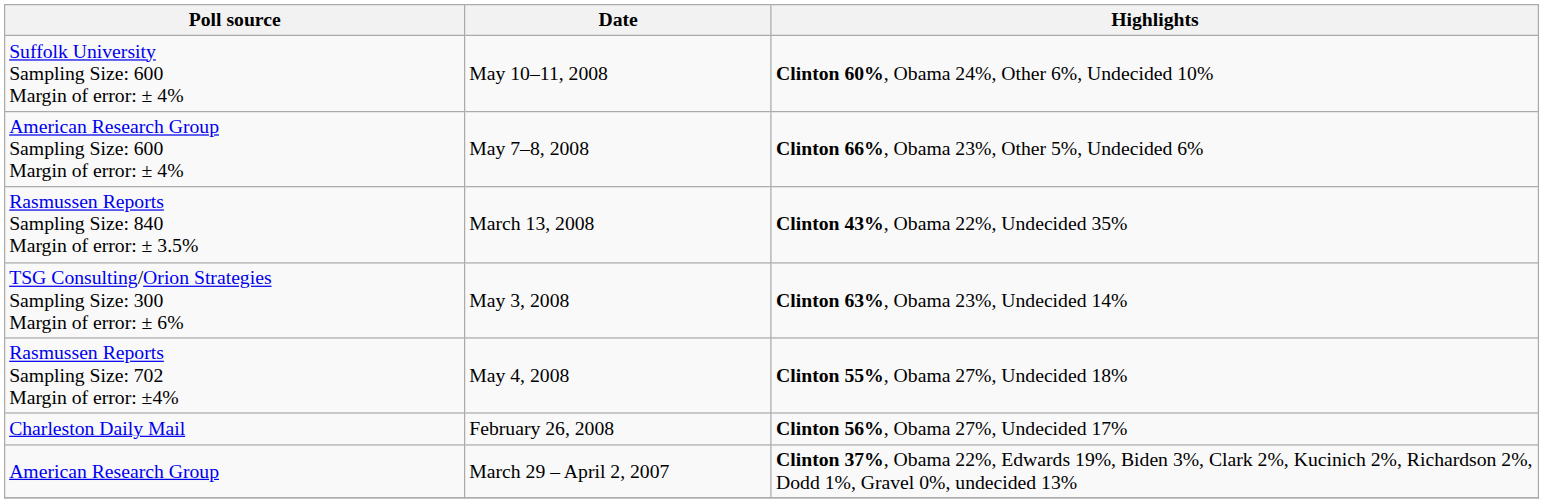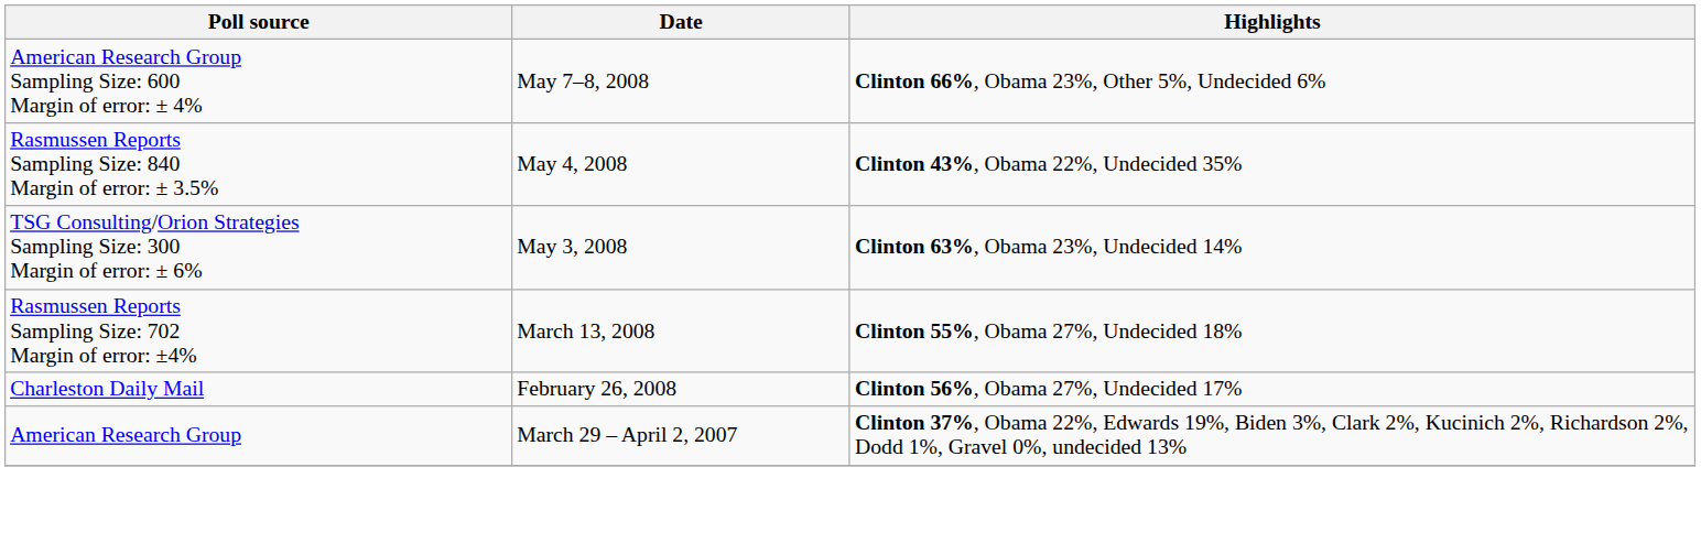 <table class="wikitable sortable">
 <tr>
 <th width="30%">Poll source</th>
 <th width="20%">Date</th>
 <th width="50%">Highlights</th>
-</tr>
-<tr>
-<td><a href='#'>Suffolk University</a><br>Sampling Size: 600<br> Margin of error: ± 4%</td>
-<td>May 10–11, 2008</td>
-<td><strong>Clinton 60%</strong>, Obama 24%, Other 6%, Undecided 10%</td>
 </tr>
 <tr>
 <td><a href='#'>American Research Group</a><br>Sampling Size: 600<br> Margin of error: ± 4%</td>
 <td>May 7–8, 2008</td>
 <td><strong>Clinton 66%</strong>, Obama 23%, Other 5%, Undecided 6%</td>
 </tr>
 <tr>
 <td><a href='#'>Rasmussen Reports</a><br>Sampling Size: 840<br> Margin of error: ± 3.5%</td>
-<td>March 13, 2008</td>
+<td>May 4, 2008</td>
 <td><strong>Clinton 43%</strong>, Obama 22%, Undecided 35%</td>
 </tr>
 <tr>
 <td><a href='#'>TSG Consulting</a>/<a href='#'>Orion Strategies</a><br>Sampling Size: 300<br> Margin of error: ± 6%</td>
 <td>May 3, 2008</td>
 <td><strong>Clinton 63%</strong>, Obama 23%, Undecided 14%</td>
 </tr>
 <tr>
 <td><a href='#'>Rasmussen Reports</a><br>Sampling Size: 702<br> Margin of error: ±4%</td>
-<td>May 4, 2008</td>
+<td>March 13, 2008</td>
 <td><strong>Clinton 55%</strong>, Obama 27%, Undecided 18%</td>
 </tr>
 <tr>
 <td><a href='#'>Charleston Daily Mail</a></td>
 <td>February 26, 2008</td>
 <td><strong>Clinton 56%</strong>, Obama 27%, Undecided 17%</td>
 </tr>
 <tr>
 <td><a href='#'>American Research Group</a></td>
 <td>March 29 – April 2, 2007</td>
 <td><strong>Clinton 37%</strong>, Obama 22%, Edwards 19%, Biden 3%, Clark 2%, Kucinich 2%, Richardson 2%, Dodd 1%, Gravel 0%, undecided 13%</td>
 </tr>
 <tr>
 </tr>
 </table>
